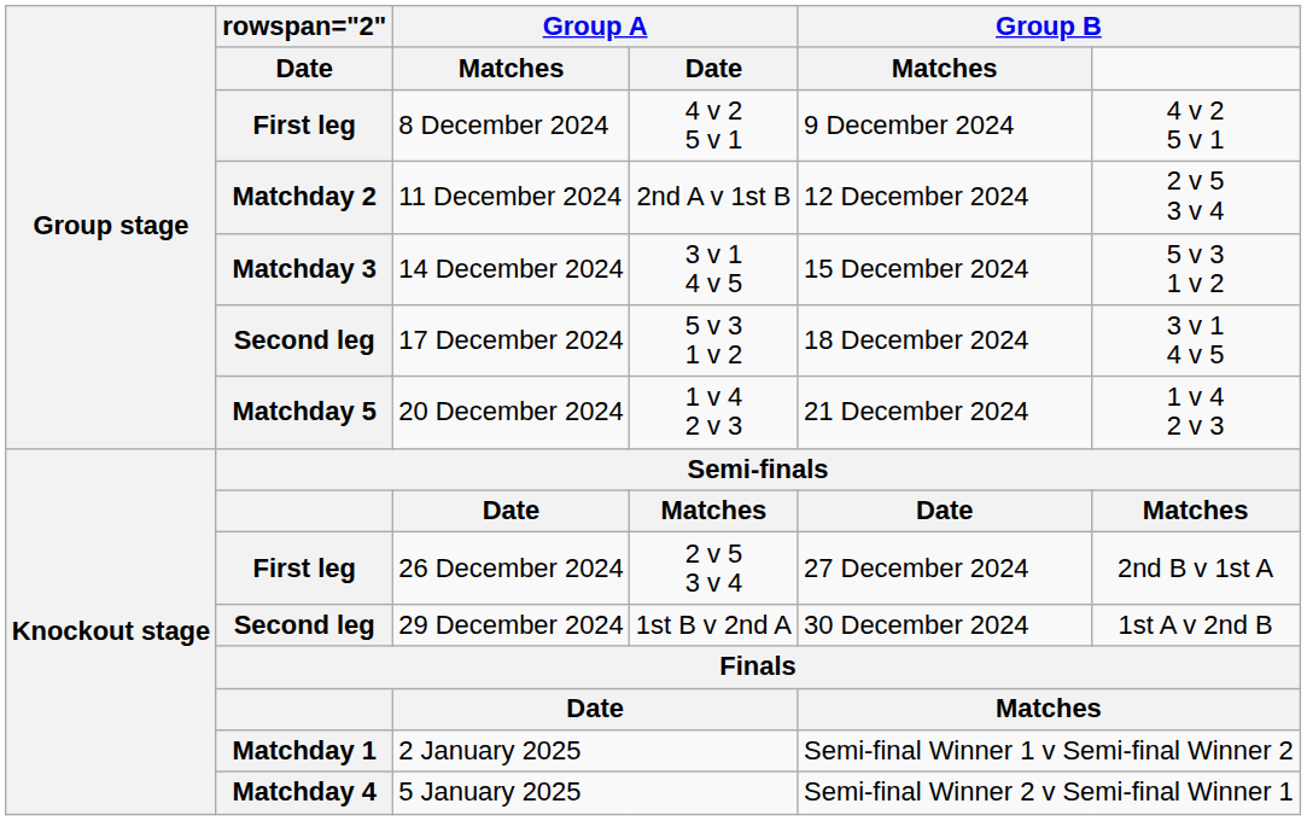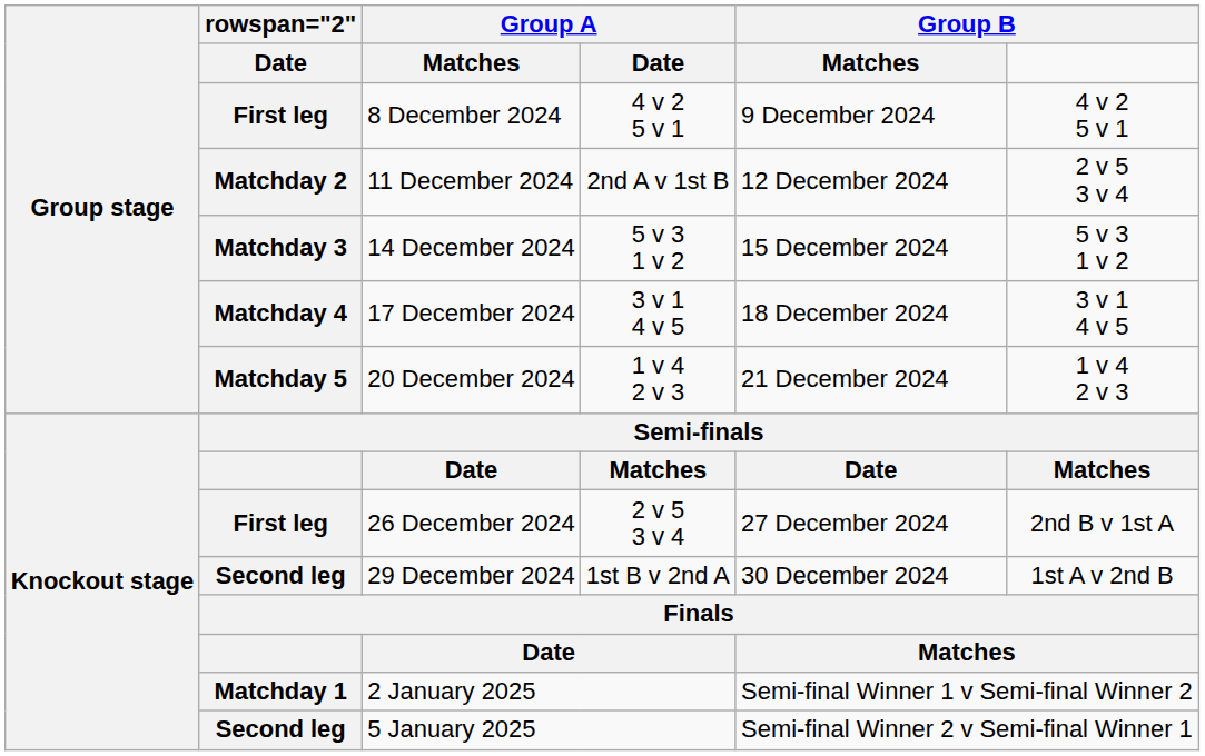 <table class="wikitable" align="center">
 <tr>
 <th rowspan="7">Group stage</th>
 <th>rowspan="2" </th>
 <th colspan="2"><a href='#'>Group A</a></th>
 <th colspan="2"><a href='#'>Group B</a></th>
 </tr>
 <tr>
 <th>Date</th>
 <th align="center">Matches</th>
 <th>Date</th>
 <th align="center">Matches</th>
 </tr>
 <tr>
 <th>First leg</th>
 <td>8 December 2024</td>
 <td align="center">4 v 2<br>5 v 1</td>
 <td>9 December 2024</td>
 <td align="center">4 v 2<br>5 v 1</td>
 </tr>
 <tr>
 <th>Matchday 2</th>
 <td>11 December 2024</td>
 <td align="center">2nd A v 1st B</td>
 <td>12 December 2024</td>
 <td align="center">2 v 5<br>3 v 4</td>
 </tr>
 <tr>
 <th>Matchday 3</th>
 <td>14 December 2024</td>
-<td align="center">3 v 1<br>4 v 5</td>
+<td align="center">5 v 3<br>1 v 2</td>
 <td>15 December 2024</td>
 <td align="center">5 v 3<br>1 v 2</td>
 </tr>
 <tr>
-<th>Second leg</th>
+<th>Matchday 4</th>
 <td>17 December 2024</td>
-<td align="center">5 v 3<br>1 v 2</td>
+<td align="center">3 v 1<br>4 v 5</td>
 <td>18 December 2024</td>
 <td align="center">3 v 1<br>4 v 5</td>
 </tr>
 <tr>
 <th>Matchday 5</th>
 <td>20 December 2024</td>
 <td align="center">1 v 4<br>2 v 3</td>
 <td>21 December 2024</td>
 <td align="center">1 v 4<br>2 v 3</td>
 </tr>
 <tr>
 <th rowspan="8">Knockout stage</th>
 <th colspan="5">Semi-finals</th>
 </tr>
 <tr>
 <th></th>
 <th>Date</th>
 <th align="center">Matches</th>
 <th>Date</th>
 <th align="center">Matches</th>
 </tr>
 <tr>
 <th>First leg</th>
 <td>26 December 2024</td>
 <td align="center">2 v 5<br>3 v 4</td>
 <td>27 December 2024</td>
 <td align="center">2nd B v 1st A</td>
 </tr>
 <tr>
 <th>Second leg</th>
 <td>29 December 2024</td>
 <td align="center">1st B v 2nd A</td>
 <td>30 December 2024</td>
 <td align="center">1st A v 2nd B</td>
 </tr>
 <tr>
 <th colspan="5">Finals</th>
 </tr>
 <tr>
 <th></th>
 <th colspan="2">Date</th>
 <th align="center" colspan="2">Matches</th>
 </tr>
 <tr>
 <th>Matchday 1</th>
 <td colspan="2">2 January 2025</td>
 <td align="center" colspan="2">Semi-final Winner 1 v Semi-final Winner 2</td>
 </tr>
 <tr>
-<th>Matchday 4</th>
+<th>Second leg</th>
 <td colspan="2">5 January 2025</td>
 <td align="center" colspan="2">Semi-final Winner 2 v Semi-final Winner 1</td>
 </tr>
 </table>
